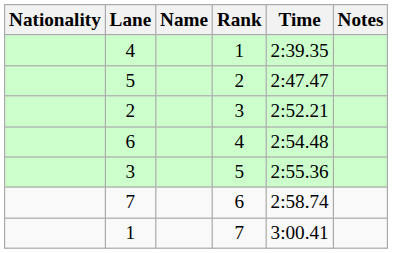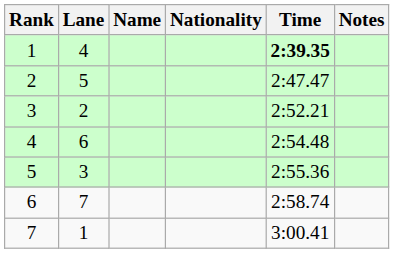 <table class="wikitable sortable" style="text-align:center">
 <tr>
-<th>Nationality</th>
+<th>Rank</th>
 <th>Lane</th>
 <th>Name</th>
-<th>Rank</th>
+<th>Nationality</th>
 <th>Time</th>
 <th>Notes</th>
 </tr>
 <tr bgcolor=ccffcc>
-<td align=left></td>
+<td>1</td>
 <td>4</td>
 <td align=left></td>
-<td>1</td>
-<td>2:39.35</td>
+<td align=left></td>
+<td><strong>2:39.35</strong></td>
 <td><strong></strong></td>
 </tr>
 <tr bgcolor=ccffcc>
-<td align=left></td>
+<td>2</td>
 <td>5</td>
 <td align=left></td>
-<td>2</td>
+<td align=left></td>
 <td>2:47.47</td>
 <td><strong></strong></td>
 </tr>
 <tr bgcolor=ccffcc>
-<td align=left></td>
+<td>3</td>
 <td>2</td>
 <td align=left></td>
-<td>3</td>
+<td align=left></td>
 <td>2:52.21</td>
 <td><strong></strong></td>
 </tr>
 <tr bgcolor=ccffcc>
-<td align=left></td>
+<td>4</td>
 <td>6</td>
 <td align=left></td>
-<td>4</td>
+<td align=left></td>
 <td>2:54.48</td>
 <td><strong></strong></td>
 </tr>
 <tr bgcolor=ccffcc>
-<td align=left></td>
+<td>5</td>
 <td>3</td>
 <td align=left></td>
-<td>5</td>
+<td align=left></td>
 <td>2:55.36</td>
 <td><strong></strong></td>
 </tr>
 <tr>
-<td align=left></td>
+<td>6</td>
 <td>7</td>
 <td align=left></td>
-<td>6</td>
+<td align=left></td>
 <td>2:58.74</td>
 <td></td>
 </tr>
 <tr>
-<td align=left></td>
+<td>7</td>
 <td>1</td>
 <td align=left></td>
-<td>7</td>
+<td align=left></td>
 <td>3:00.41</td>
 <td></td>
 </tr>
 </table>
